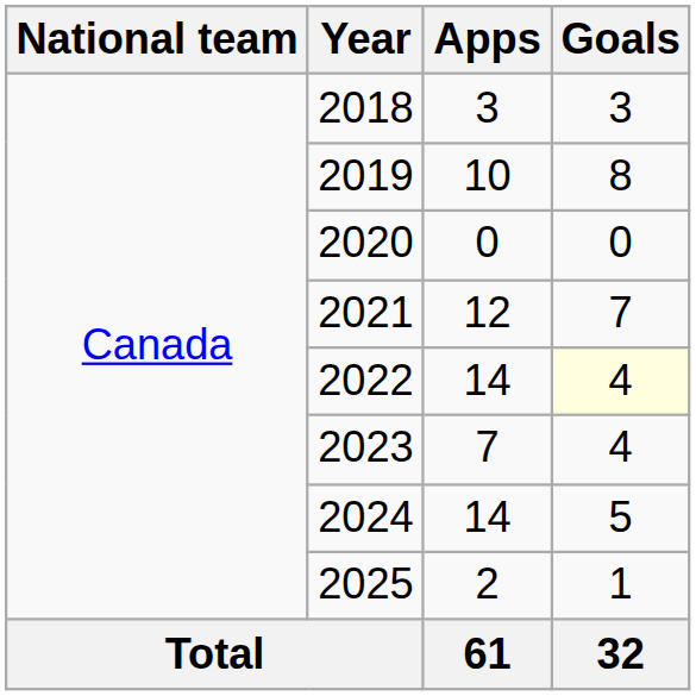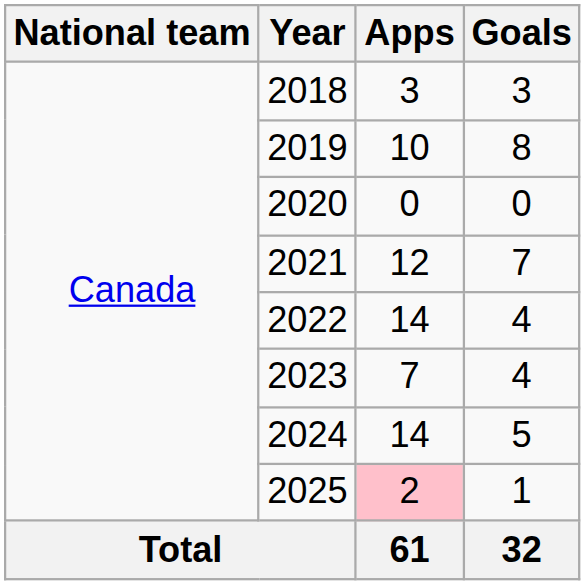 <table class="wikitable" style="text-align:center">
 <tr>
 <th>National team</th>
 <th>Year</th>
 <th>Apps</th>
 <th>Goals</th>
 </tr>
 <tr>
 <td rowspan="8"><a href='#'>Canada</a></td>
 <td>2018</td>
 <td>3</td>
 <td>3</td>
 </tr>
 <tr>
 <td>2019</td>
 <td>10</td>
 <td>8</td>
 </tr>
 <tr>
 <td>2020</td>
 <td>0</td>
 <td>0</td>
 </tr>
 <tr>
 <td>2021</td>
 <td>12</td>
 <td>7</td>
 </tr>
 <tr>
 <td>2022</td>
 <td>14</td>
-<td style="background: lightyellow;">4</td>
+<td>4</td>
 </tr>
 <tr>
 <td>2023</td>
 <td>7</td>
 <td>4</td>
 </tr>
 <tr>
 <td>2024</td>
 <td>14</td>
 <td>5</td>
 </tr>
 <tr>
 <td>2025</td>
-<td>2</td>
+<td style="background: pink;">2</td>
 <td>1</td>
 </tr>
 <tr>
 <th colspan="2">Total</th>
 <th>61</th>
 <th>32</th>
 </tr>
 </table>
